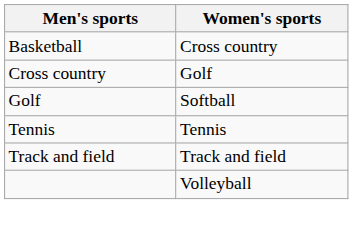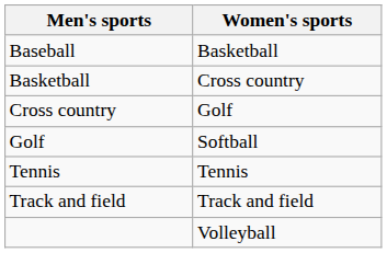 <table class="wikitable"; style= "text-align: ">
 <tr>
 <th width=150px>Men's sports</th>
 <th width=150px>Women's sports</th>
+</tr>
+<tr>
+<td>Baseball</td>
+<td>Basketball</td>
 </tr>
 <tr>
 <td>Basketball</td>
 <td>Cross country</td>
 </tr>
 <tr>
 <td>Cross country</td>
 <td>Golf</td>
 </tr>
 <tr>
 <td>Golf</td>
 <td>Softball</td>
 </tr>
 <tr>
 <td>Tennis</td>
 <td>Tennis</td>
 </tr>
 <tr>
 <td>Track and field</td>
 <td>Track and field</td>
 </tr>
 <tr>
 <td></td>
 <td>Volleyball</td>
 </tr>
 </table>
